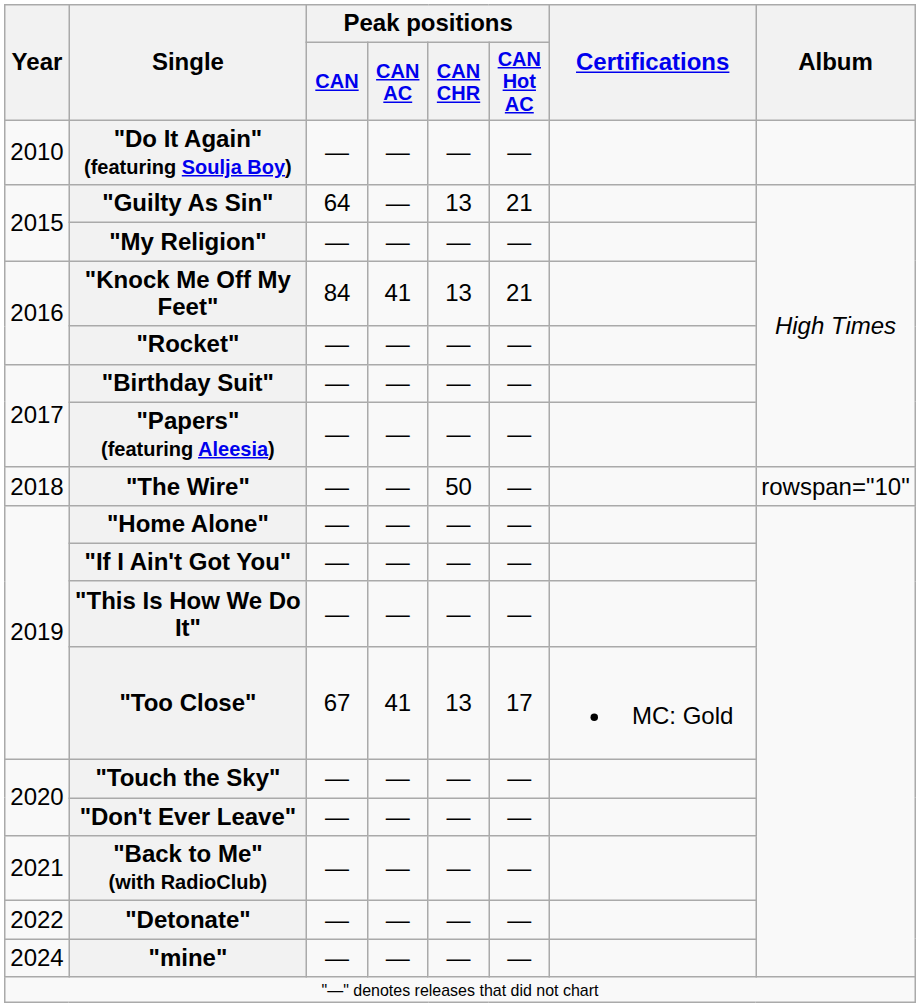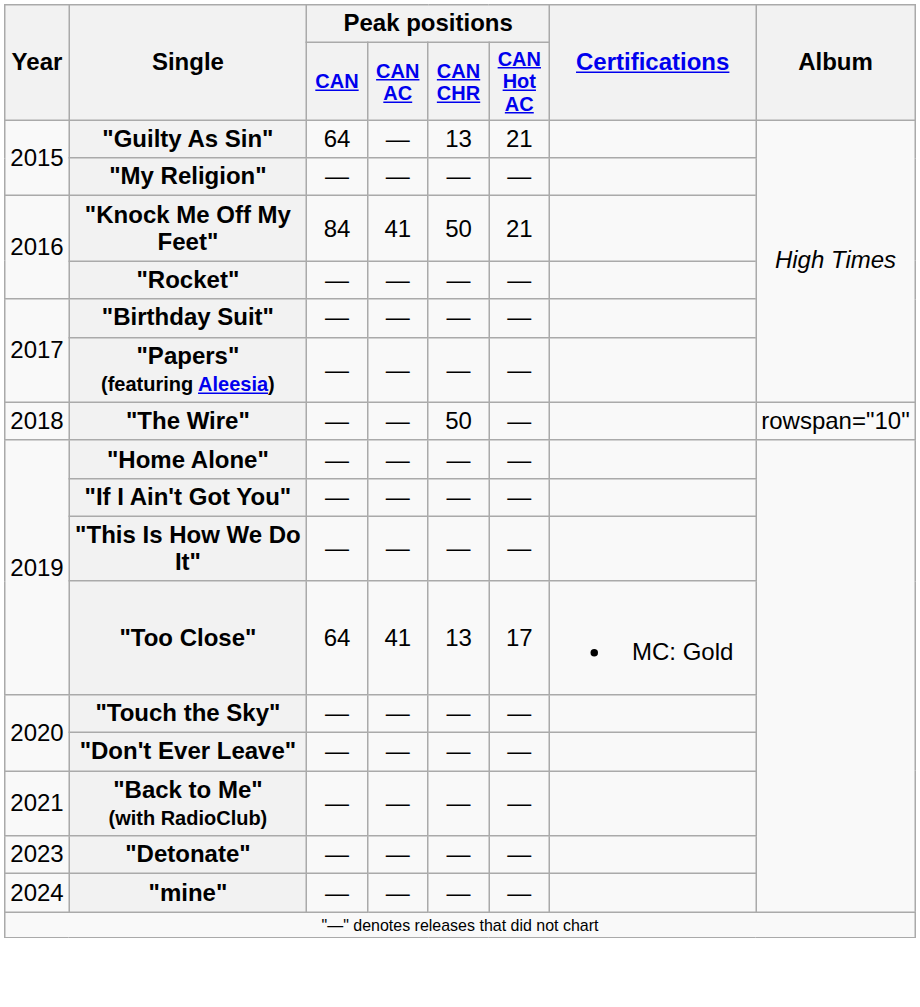 <table class="wikitable plainrowheaders" style="text-align:center;">
 <tr>
 <th rowspan="2">Year</th>
 <th rowspan="2" style="width:14em;">Single</th>
 <th colspan="4">Peak positions</th>
 <th rowspan="2" style="width:10em;"><a href='#'>Certifications</a></th>
 <th rowspan="2">Album</th>
 </tr>
 <tr style="font-size:smaller;">
 <th width="40"><a href='#'>CAN</a><br></th>
 <th width="40"><a href='#'>CAN AC</a><br></th>
 <th width="40"><a href='#'>CAN CHR</a><br></th>
 <th width="40"><a href='#'>CAN Hot AC</a><br></th>
-</tr>
-<tr>
-<td>2010</td>
-<th scope="row">"Do It Again" <br><small>(featuring <a href='#'>Soulja Boy</a>)</small></th>
-<td>—</td>
-<td>—</td>
-<td>—</td>
-<td>—</td>
-<td></td>
-<td></td>
 </tr>
 <tr>
 <td rowspan="2">2015</td>
 <th scope="row">"Guilty As Sin"</th>
 <td>64</td>
 <td>—</td>
 <td>13</td>
 <td>21</td>
 <td></td>
 <td rowspan="6"><em>High Times</em></td>
 </tr>
 <tr>
 <th scope="row">"My Religion"</th>
 <td>—</td>
 <td>—</td>
 <td>—</td>
 <td>—</td>
 <td></td>
 </tr>
 <tr>
 <td rowspan="2">2016</td>
 <th scope="row">"Knock Me Off My Feet"</th>
 <td>84</td>
 <td>41</td>
-<td>13</td>
+<td>50</td>
 <td>21</td>
 <td></td>
 </tr>
 <tr>
 <th scope="row">"Rocket"</th>
 <td>—</td>
 <td>—</td>
 <td>—</td>
 <td>—</td>
 <td></td>
 </tr>
 <tr>
 <td rowspan="2">2017</td>
 <th scope="row">"Birthday Suit"</th>
 <td>—</td>
 <td>—</td>
 <td>—</td>
 <td>—</td>
 <td></td>
 </tr>
 <tr>
 <th scope="row">"Papers" <br><small>(featuring <a href='#'>Aleesia</a>)</small></th>
 <td>—</td>
 <td>—</td>
 <td>—</td>
 <td>—</td>
 <td></td>
 </tr>
 <tr>
 <td>2018</td>
 <th scope="row">"The Wire"</th>
 <td>—</td>
 <td>—</td>
 <td>50</td>
 <td>—</td>
 <td></td>
 <td>rowspan="10" </td>
 </tr>
 <tr>
 <td rowspan="4">2019</td>
 <th scope="row">"Home Alone"</th>
 <td>—</td>
 <td>—</td>
 <td>—</td>
 <td>—</td>
 <td></td>
 </tr>
 <tr>
 <th scope="row">"If I Ain't Got You"</th>
 <td>—</td>
 <td>—</td>
 <td>—</td>
 <td>—</td>
 <td></td>
 </tr>
 <tr>
 <th scope="row">"This Is How We Do It"</th>
 <td>—</td>
 <td>—</td>
 <td>—</td>
 <td>—</td>
 <td></td>
 </tr>
 <tr>
 <th scope="row">"Too Close"<br></th>
-<td>67</td>
+<td>64</td>
 <td>41</td>
 <td>13</td>
 <td>17</td>
 <td><br><ul><li>MC: Gold</li></ul></td>
 </tr>
 <tr>
 <td rowspan="2">2020</td>
 <th scope="row">"Touch the Sky"</th>
 <td>—</td>
 <td>—</td>
 <td>—</td>
 <td>—</td>
 <td></td>
 </tr>
 <tr>
 <th scope="row">"Don't Ever Leave"</th>
 <td>—</td>
 <td>—</td>
 <td>—</td>
 <td>—</td>
 <td></td>
 </tr>
 <tr>
 <td>2021</td>
 <th scope="row">"Back to Me" <br><small>(with RadioClub)</small></th>
 <td>—</td>
 <td>—</td>
 <td>—</td>
 <td>—</td>
 <td></td>
 </tr>
 <tr>
-<td>2022</td>
+<td>2023</td>
 <th scope="row">"Detonate"</th>
 <td>—</td>
 <td>—</td>
 <td>—</td>
 <td>—</td>
 <td></td>
 </tr>
 <tr>
 <td>2024</td>
 <th scope="row">"mine"</th>
 <td>—</td>
 <td>—</td>
 <td>—</td>
 <td>—</td>
 <td></td>
 </tr>
 <tr>
 <td colspan="8" style="font-size:8pt">"—" denotes releases that did not chart</td>
 </tr>
 </table>
